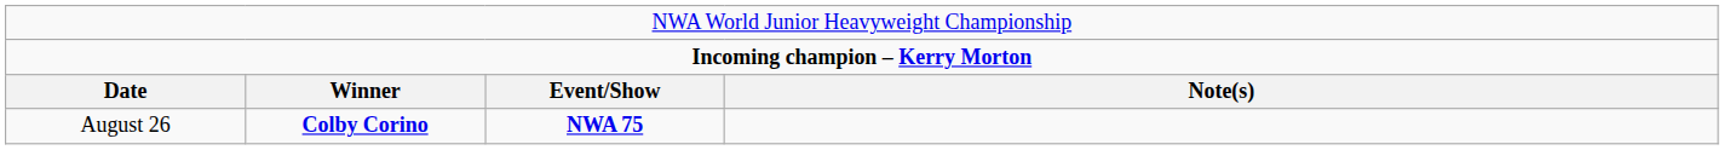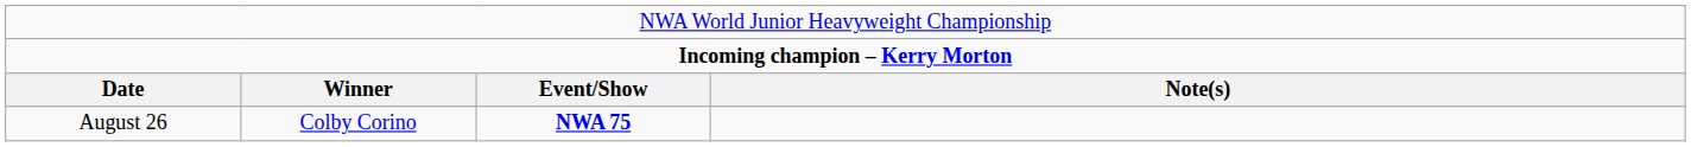 <table class="wikitable" style="text-align:center; width:100%;">
 <tr>
 <td colspan="5" style="text-align: center;"><a href='#'>NWA World Junior Heavyweight Championship</a></td>
 </tr>
 <tr>
 <td colspan="5" style="text-align: center;"><strong>Incoming champion – <a href='#'>Kerry Morton</a></strong></td>
 </tr>
 <tr>
 <th width=14%>Date</th>
 <th width=14%>Winner</th>
 <th width=14%>Event/Show</th>
 <th width=58%>Note(s)</th>
 </tr>
 <tr>
 <td>August 26</td>
-<td><strong><a href='#'>Colby Corino</a></strong></td>
+<td><a href='#'>Colby Corino</a></td>
 <td><strong><a href='#'>NWA 75</a><br></strong></td>
 <td></td>
 </tr>
 </table>
